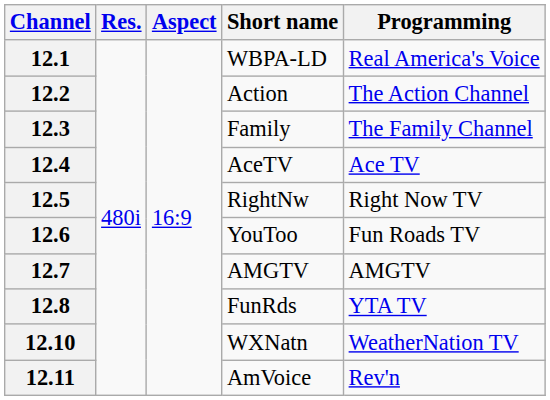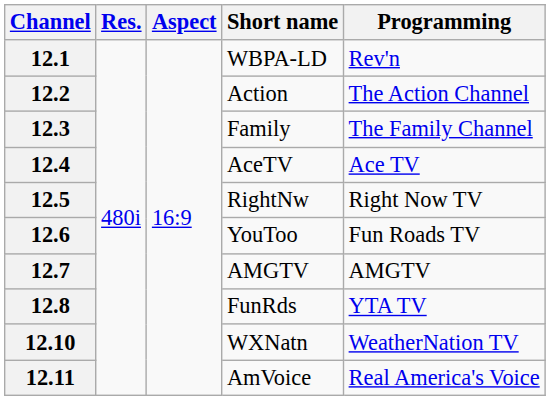 <table class="wikitable">
 <tr>
 <th scope= "col"><a href='#'>Channel</a></th>
 <th scope= "col"><a href='#'>Res.</a></th>
 <th scope= "col"><a href='#'>Aspect</a></th>
 <th scope= "col">Short name</th>
 <th scope= "col">Programming</th>
 </tr>
 <tr>
 <th scope= "row">12.1</th>
 <td rowspan=10><a href='#'>480i</a></td>
 <td rowspan=10><a href='#'>16:9</a></td>
 <td>WBPA-LD</td>
-<td><a href='#'>Real America's Voice</a></td>
+<td><a href='#'>Rev'n</a></td>
 </tr>
 <tr>
 <th scope="row">12.2</th>
 <td>Action</td>
 <td><a href='#'>The Action Channel</a></td>
 </tr>
 <tr>
 <th scope= "row">12.3</th>
 <td>Family</td>
 <td><a href='#'>The Family Channel</a></td>
 </tr>
 <tr>
 <th scope= "row">12.4</th>
 <td>AceTV</td>
 <td><a href='#'>Ace TV</a></td>
 </tr>
 <tr>
 <th scope= "row">12.5</th>
 <td>RightNw</td>
 <td>Right Now TV</td>
 </tr>
 <tr>
 <th scope= "row">12.6</th>
 <td>YouToo</td>
 <td>Fun Roads TV</td>
 </tr>
 <tr>
 <th scope="row">12.7</th>
 <td>AMGTV</td>
 <td>AMGTV</td>
 </tr>
 <tr>
 <th scope= "row">12.8</th>
 <td>FunRds</td>
 <td><a href='#'>YTA TV</a></td>
 </tr>
 <tr>
 <th scope= "row">12.10</th>
 <td>WXNatn</td>
 <td><a href='#'>WeatherNation TV</a></td>
 </tr>
 <tr>
 <th scope= "row">12.11</th>
 <td>AmVoice</td>
-<td><a href='#'>Rev'n</a></td>
+<td><a href='#'>Real America's Voice</a></td>
 </tr>
 </table>
